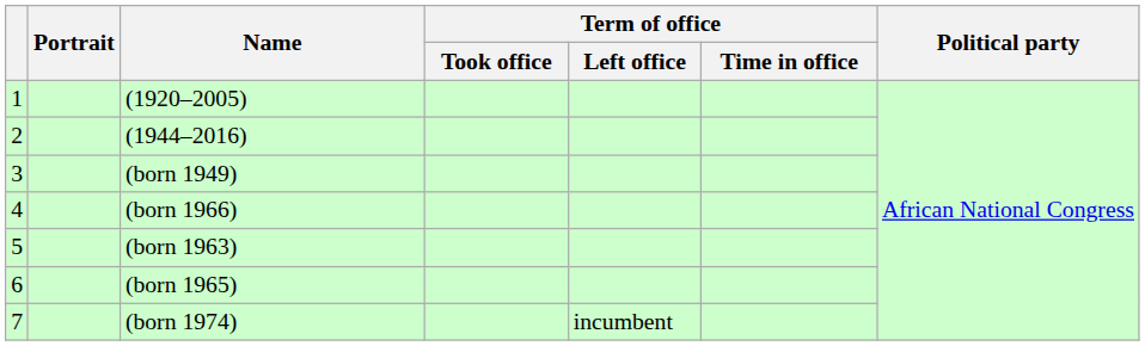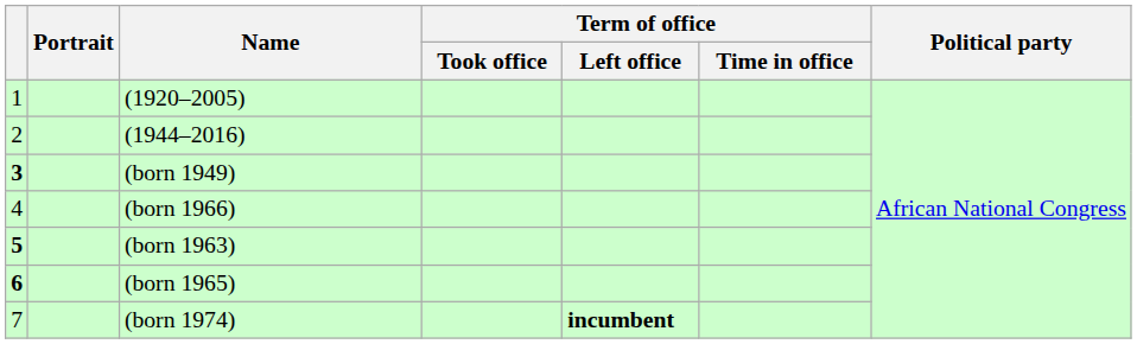 <table class="wikitable sortable">
 <tr>
 <th rowspan="2"></th>
 <th rowspan="2">Portrait</th>
 <th rowspan="2" width="200px">Name<br></th>
 <th colspan="3" width="300px">Term of office</th>
 <th rowspan="2">Political party</th>
 </tr>
 <tr>
 <th>Took office</th>
 <th>Left office</th>
 <th>Time in office</th>
 </tr>
 <tr bgcolor=#CCFFCC>
 <td>1</td>
 <td></td>
 <td> (1920–2005)</td>
 <td></td>
 <td></td>
 <td></td>
 <td rowspan=7><a href='#'>African National Congress</a></td>
 </tr>
 <tr bgcolor=#CCFFCC>
 <td>2</td>
 <td></td>
 <td> (1944–2016)</td>
 <td></td>
 <td></td>
 <td></td>
 </tr>
 <tr bgcolor=#CCFFCC>
-<td>3</td>
+<td><strong>3</strong></td>
 <td></td>
 <td> (born 1949)</td>
 <td></td>
 <td></td>
 <td></td>
 </tr>
 <tr bgcolor=#CCFFCC>
 <td>4</td>
 <td></td>
 <td> (born 1966)</td>
 <td></td>
 <td></td>
 <td></td>
 </tr>
 <tr bgcolor=#CCFFCC>
-<td>5</td>
+<td><strong>5</strong></td>
 <td></td>
 <td> (born 1963)</td>
 <td></td>
 <td></td>
 <td></td>
 </tr>
 <tr bgcolor=#CCFFCC>
-<td>6</td>
+<td><strong>6</strong></td>
 <td></td>
 <td> (born 1965)</td>
 <td></td>
 <td></td>
 <td></td>
 </tr>
 <tr bgcolor=#CCFFCC>
 <td>7</td>
 <td></td>
 <td> (born 1974)</td>
 <td></td>
-<td>incumbent</td>
+<td><strong>incumbent</strong></td>
 <td></td>
 </tr>
 </table>
